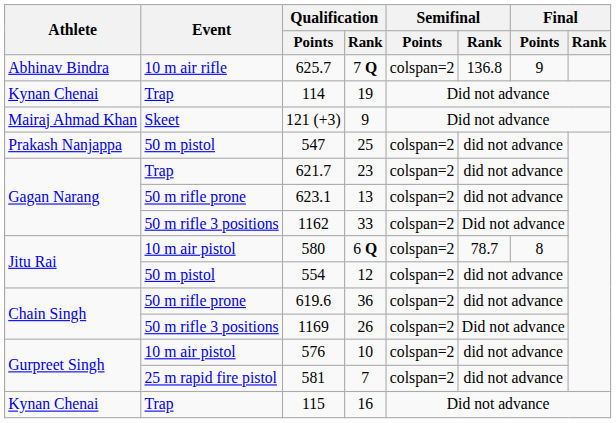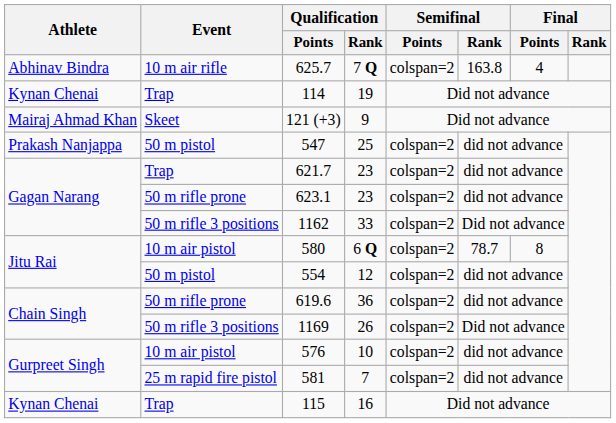 <table class="wikitable" style="font-size:90%">
 <tr>
 <th rowspan="2">Athlete</th>
 <th rowspan="2">Event</th>
 <th colspan=2>Qualification</th>
 <th colspan=2>Semifinal</th>
 <th colspan=2>Final</th>
 </tr>
 <tr style="font-size:95%">
 <th>Points</th>
 <th>Rank</th>
 <th>Points</th>
 <th>Rank</th>
 <th>Points</th>
 <th>Rank</th>
 </tr>
 <tr align=center>
 <td align=left><a href='#'>Abhinav Bindra</a></td>
 <td align=left><a href='#'>10 m air rifle</a></td>
 <td>625.7</td>
 <td>7 <strong>Q</strong></td>
 <td>colspan=2 </td>
-<td>136.8</td>
-<td>9</td>
+<td>163.8</td>
+<td>4</td>
 </tr>
 <tr align="center">
 <td align=left><a href='#'>Kynan Chenai</a></td>
 <td align=left><a href='#'>Trap</a></td>
 <td>114</td>
 <td>19</td>
 <td colspan="4">Did not advance</td>
 </tr>
 <tr align="center">
 <td align=left><a href='#'>Mairaj Ahmad Khan</a></td>
 <td align=left><a href='#'>Skeet</a></td>
 <td>121 (+3)</td>
 <td>9</td>
 <td colspan="4">Did not advance</td>
 </tr>
 <tr align=center>
 <td align=left><a href='#'>Prakash Nanjappa</a></td>
 <td align=left><a href='#'>50 m pistol</a></td>
 <td>547</td>
 <td>25</td>
 <td>colspan=2 </td>
 <td colspan=2>did not advance</td>
 </tr>
 <tr align=center>
 <td align=left rowspan=3><a href='#'>Gagan Narang</a></td>
 <td align=left><a href='#'>Trap</a></td>
 <td>621.7</td>
 <td>23</td>
 <td>colspan=2 </td>
 <td colspan=2>did not advance</td>
 </tr>
 <tr align=center>
 <td align=left><a href='#'>50 m rifle prone</a></td>
 <td>623.1</td>
-<td>13</td>
+<td>23</td>
 <td>colspan=2 </td>
 <td colspan=2>did not advance</td>
 </tr>
 <tr align="center">
 <td align=left><a href='#'>50 m rifle 3 positions</a></td>
 <td>1162</td>
 <td>33</td>
 <td>colspan=2 </td>
 <td colspan="2">Did not advance</td>
 </tr>
 <tr align=center>
 <td align=left rowspan=2><a href='#'>Jitu Rai</a></td>
 <td align=left><a href='#'>10 m air pistol</a></td>
 <td>580</td>
 <td>6 <strong>Q</strong></td>
 <td>colspan=2 </td>
 <td>78.7</td>
 <td>8</td>
 </tr>
 <tr align=center>
 <td align=left><a href='#'>50 m pistol</a></td>
 <td>554</td>
 <td>12</td>
 <td>colspan=2 </td>
 <td colspan=2>did not advance</td>
 </tr>
 <tr align=center>
 <td align=left rowspan=2><a href='#'>Chain Singh</a></td>
 <td align=left><a href='#'>50 m rifle prone</a></td>
 <td>619.6</td>
 <td>36</td>
 <td>colspan=2 </td>
 <td colspan=2>did not advance</td>
 </tr>
 <tr align="center">
 <td align=left><a href='#'>50 m rifle 3 positions</a></td>
 <td>1169</td>
 <td>26</td>
 <td>colspan=2 </td>
 <td colspan="2">Did not advance</td>
 </tr>
 <tr align=center>
 <td align=left rowspan=2><a href='#'>Gurpreet Singh</a></td>
 <td align=left><a href='#'>10 m air pistol</a></td>
 <td>576</td>
 <td>10</td>
 <td>colspan=2 </td>
 <td colspan=2>did not advance</td>
 </tr>
 <tr align=center>
 <td align=left><a href='#'>25 m rapid fire pistol</a></td>
 <td>581</td>
 <td>7</td>
 <td>colspan=2 </td>
 <td colspan=2>did not advance</td>
 </tr>
 <tr align="center">
 <td align=left><a href='#'>Kynan Chenai</a></td>
 <td align=left><a href='#'>Trap</a></td>
 <td>115</td>
 <td>16</td>
 <td colspan="4">Did not advance</td>
 </tr>
 </table>
